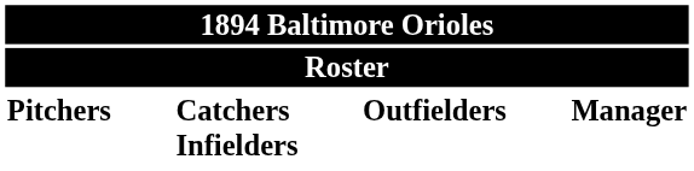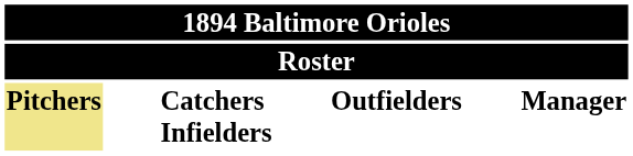 <table class="toccolours" style="font-size: 95%;">
 <tr>
 <th colspan="10" style="background-color: black; color: white; text-align: center;">1894 Baltimore Orioles</th>
 </tr>
 <tr>
 <td colspan="10" style="background-color: black; color: white; text-align: center;"><strong>Roster</strong></td>
 </tr>
 <tr>
-<td valign="top"><strong>Pitchers</strong><br>        </td>
+<td valign="top" style="background: khaki;"><strong>Pitchers</strong><br>        </td>
 <td width="25px"></td>
 <td valign="top"><strong>Catchers</strong><br>  <strong>Infielders</strong>     </td>
 <td width="25px"></td>
 <td valign="top"><strong>Outfielders</strong><br>   </td>
 <td width="25px"></td>
 <td valign="top"><strong>Manager</strong><br></td>
 </tr>
 </table>
